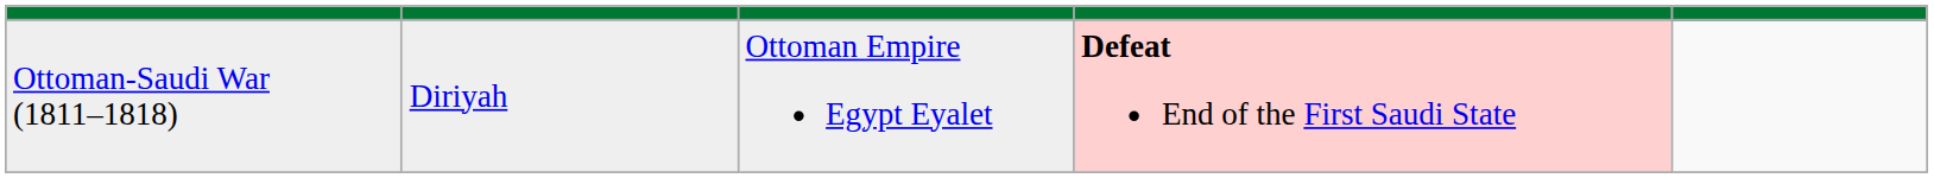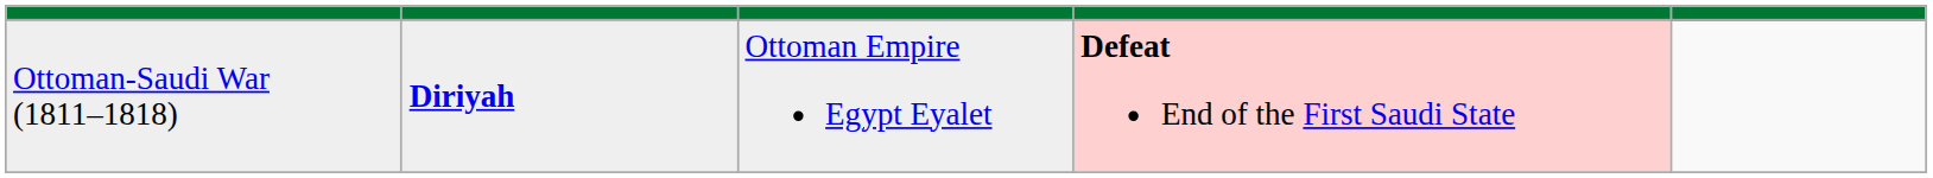 <table class="wikitable">
 <tr>
 <th style="background:#007733" width="190"></th>
 <th style="background:#007733" width="160"></th>
 <th style="background:#007733" width="160"></th>
 <th style="background:#007733" width="290"></th>
 <th style="background:#007733" width="120"></th>
 </tr>
 <tr>
 <td style="background:#efefef"><a href='#'>Ottoman-Saudi War</a><br>(1811–1818)</td>
-<td style="background:#efefef"> <a href='#'>Diriyah</a></td>
+<td style="background:#efefef"><strong> <a href='#'>Diriyah</a></strong></td>
 <td style="background:#efefef"> <a href='#'>Ottoman Empire</a><br><ul><li> <a href='#'>Egypt Eyalet</a></li></ul></td>
 <td style="background:#FFD0D0"><strong>Defeat</strong><br><ul><li>End of the <a href='#'>First Saudi State</a></li></ul></td>
 <td></td>
 </tr>
 </table>
